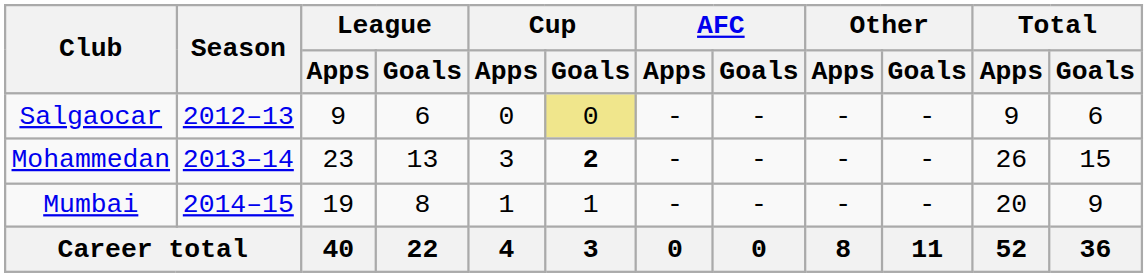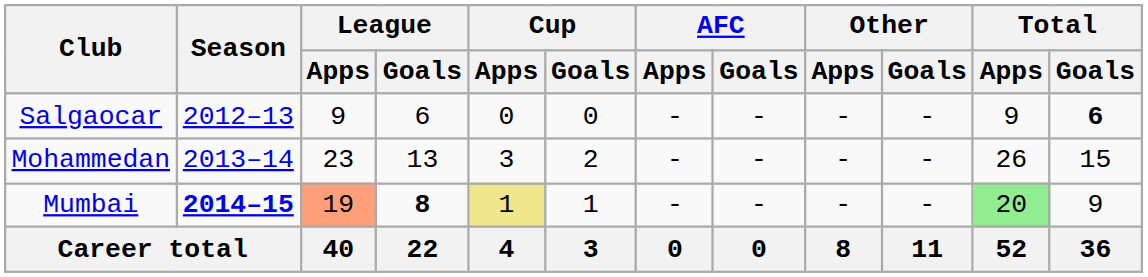 <table class="wikitable" style="font-size:90%; text-align:center;">
 <tr>
 <th rowspan="2">Club</th>
 <th rowspan="2">Season</th>
 <th colspan="2">League</th>
 <th colspan="2">Cup</th>
 <th colspan="2"><a href='#'>AFC</a></th>
 <th colspan="2">Other</th>
 <th colspan="2">Total</th>
 </tr>
 <tr>
 <th>Apps</th>
 <th>Goals</th>
 <th>Apps</th>
 <th>Goals</th>
 <th>Apps</th>
 <th>Goals</th>
 <th>Apps</th>
 <th>Goals</th>
 <th>Apps</th>
 <th>Goals</th>
 </tr>
 <tr>
 <td><a href='#'>Salgaocar</a></td>
 <td><a href='#'>2012–13</a></td>
 <td>9</td>
 <td>6</td>
 <td>0</td>
-<td style="background: khaki;">0</td>
+<td>0</td>
 <td>-</td>
 <td>-</td>
 <td>-</td>
 <td>-</td>
 <td>9</td>
-<td>6</td>
+<td><strong>6</strong></td>
 </tr>
 <tr>
 <td><a href='#'>Mohammedan</a></td>
 <td><a href='#'>2013–14</a></td>
 <td>23</td>
 <td>13</td>
 <td>3</td>
-<td><strong>2</strong></td>
+<td>2</td>
 <td>-</td>
 <td>-</td>
 <td>-</td>
 <td>-</td>
 <td>26</td>
 <td>15</td>
 </tr>
 <tr>
 <td><a href='#'>Mumbai</a></td>
-<td><a href='#'>2014–15</a></td>
-<td>19</td>
-<td>8</td>
-<td>1</td>
+<td><strong><a href='#'>2014–15</a></strong></td>
+<td style="background: lightsalmon;">19</td>
+<td><strong>8</strong></td>
+<td style="background: khaki;">1</td>
 <td>1</td>
 <td>-</td>
 <td>-</td>
 <td>-</td>
 <td>-</td>
-<td>20</td>
+<td style="background: lightgreen;">20</td>
 <td>9</td>
 </tr>
 <tr>
 <th colspan="2">Career total</th>
 <th>40</th>
 <th>22</th>
 <th>4</th>
 <th>3</th>
 <th>0</th>
 <th>0</th>
 <th>8</th>
 <th>11</th>
 <th>52</th>
 <th>36</th>
 </tr>
 </table>
